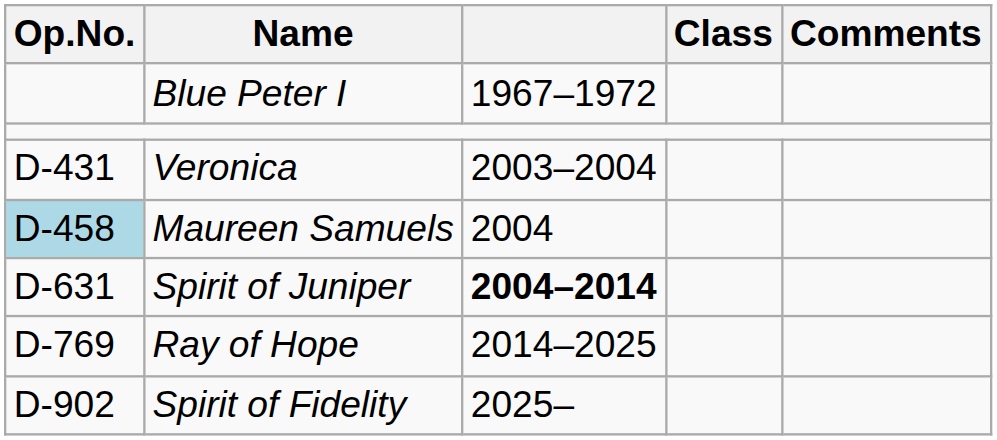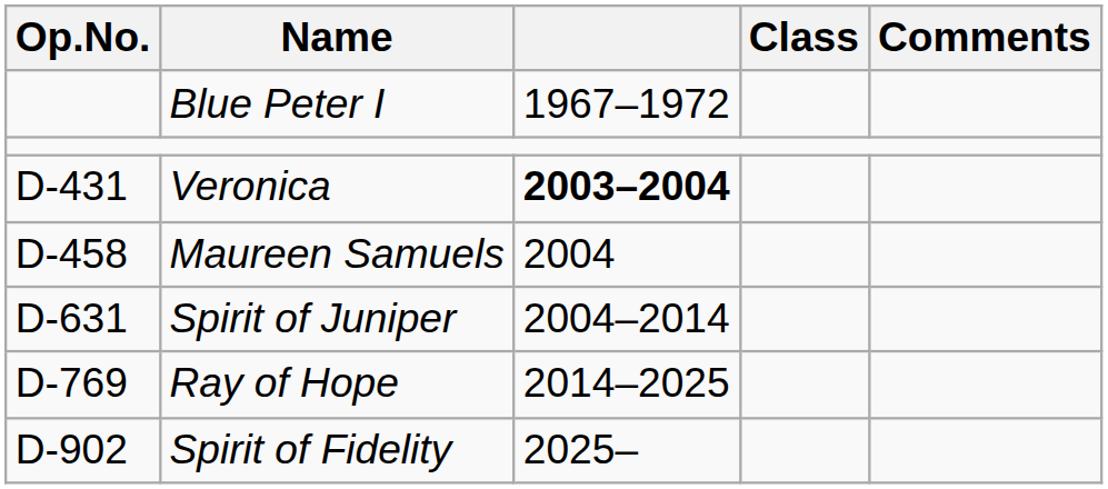 <table class="wikitable">
 <tr>
 <th>Op.No.</th>
 <th>Name</th>
 <th></th>
 <th>Class</th>
 <th>Comments</th>
 </tr>
 <tr>
 <td></td>
 <td><em>Blue Peter I</em></td>
 <td>1967–1972</td>
 <td></td>
 <td></td>
 </tr>
 <tr>
 <td colspan=6 style=" text-align: center;"></td>
 </tr>
 <tr>
 <td>D-431</td>
 <td><em>Veronica</em></td>
-<td>2003–2004</td>
+<td><strong>2003–2004</strong></td>
 <td></td>
 <td></td>
 </tr>
 <tr>
-<td style="background: lightblue;">D-458</td>
+<td>D-458</td>
 <td><em>Maureen Samuels</em></td>
 <td>2004</td>
 <td></td>
 <td></td>
 </tr>
 <tr>
 <td>D-631</td>
 <td><em>Spirit of Juniper</em></td>
-<td><strong>2004–2014</strong></td>
+<td>2004–2014</td>
 <td></td>
 <td></td>
 </tr>
 <tr>
 <td>D-769</td>
 <td><em>Ray of Hope</em></td>
 <td>2014–2025</td>
 <td></td>
 <td></td>
 </tr>
 <tr>
 <td>D-902</td>
 <td><em>Spirit of Fidelity</em></td>
 <td>2025–</td>
 <td></td>
 <td></td>
 </tr>
 </table>
